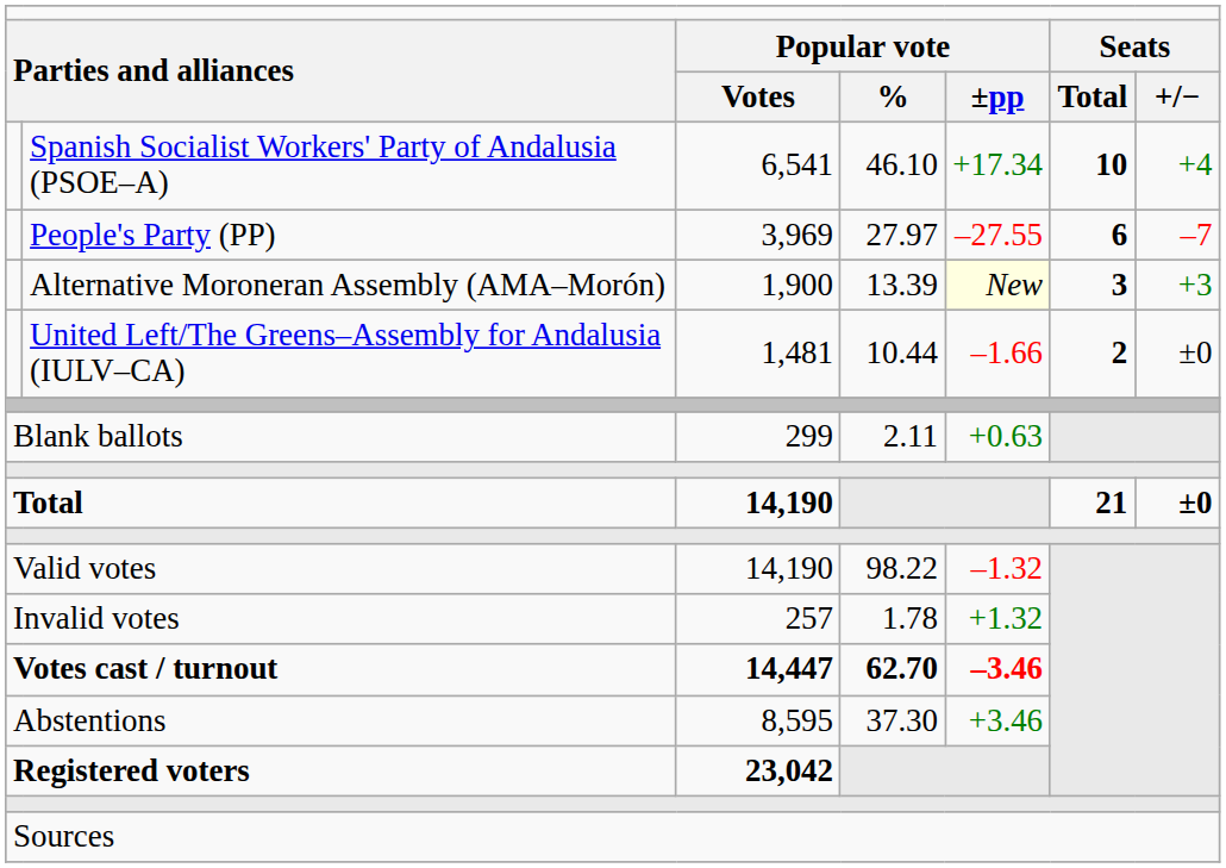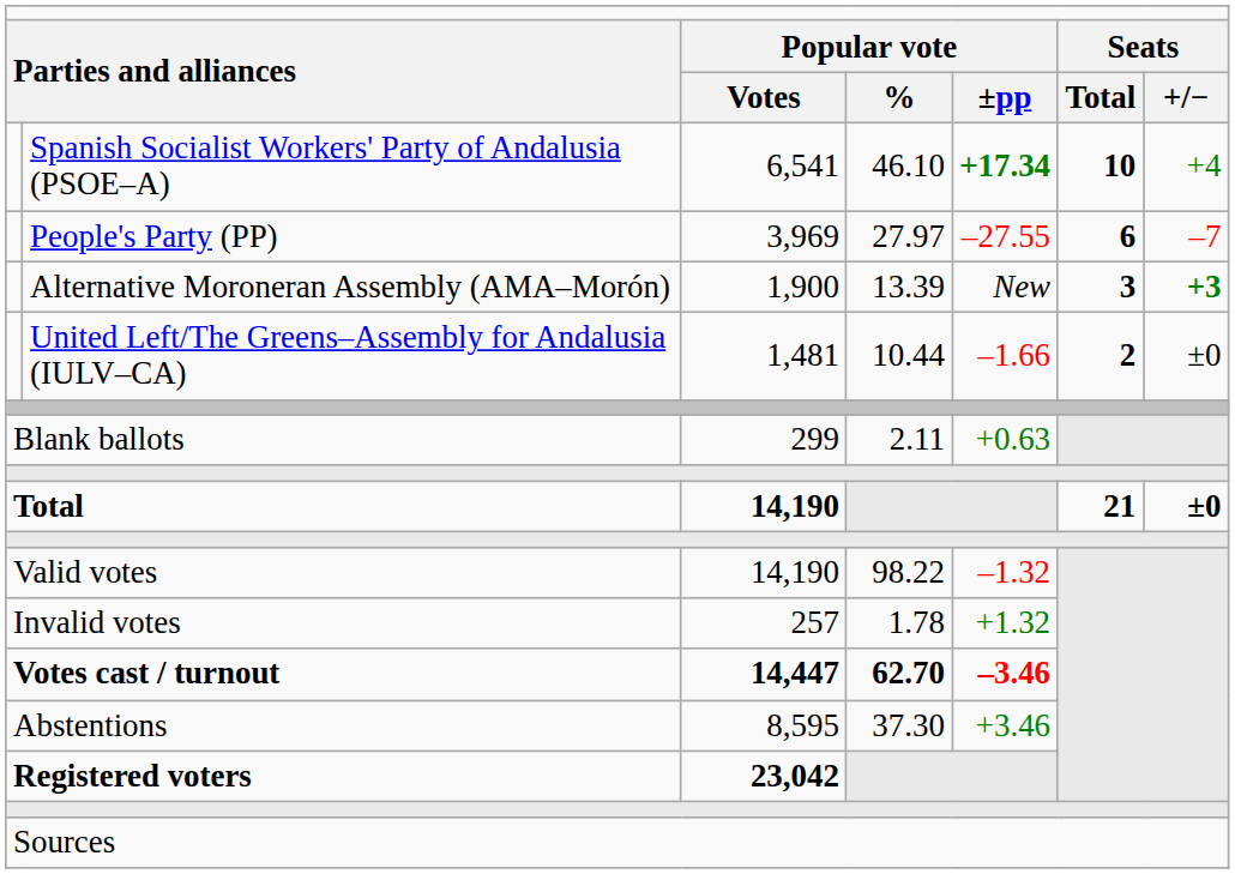 <table class="wikitable" style="text-align:right;">
 <tr>
 <td colspan="7"></td>
 </tr>
 <tr>
 <th style="text-align:left;" rowspan="2" colspan="2" width="525">Parties and alliances</th>
 <th colspan="3">Popular vote</th>
 <th colspan="2">Seats</th>
 </tr>
 <tr>
 <th width="75">Votes</th>
 <th width="45">%</th>
 <th width="45">±<a href='#'>pp</a></th>
 <th width="35">Total</th>
 <th width="35">+/−</th>
 </tr>
 <tr>
 <td width="1" style="color:inherit;background:"></td>
 <td align="left"><a href='#'>Spanish Socialist Workers' Party of Andalusia</a> (PSOE–A)</td>
 <td>6,541</td>
 <td>46.10</td>
-<td style="color:green;">+17.34</td>
+<td style="color:green;"><strong>+17.34</strong></td>
 <td><strong>10</strong></td>
 <td style="color:green;">+4</td>
 </tr>
 <tr>
 <td style="color:inherit;background:"></td>
 <td align="left"><a href='#'>People's Party</a> (PP)</td>
 <td>3,969</td>
 <td>27.97</td>
 <td style="color:red;">–27.55</td>
 <td><strong>6</strong></td>
 <td style="color:red;">–7</td>
 </tr>
 <tr>
 <td style="color:inherit;background:"></td>
 <td align="left">Alternative Moroneran Assembly (AMA–Morón)</td>
 <td>1,900</td>
 <td>13.39</td>
-<td style="background: lightyellow;"><em>New</em></td>
+<td><em>New</em></td>
 <td><strong>3</strong></td>
-<td style="color:green;">+3</td>
+<td style="color:green;"><strong>+3</strong></td>
 </tr>
 <tr>
 <td style="color:inherit;background:"></td>
 <td align="left"><a href='#'>United Left/The Greens–Assembly for Andalusia</a> (IULV–CA)</td>
 <td>1,481</td>
 <td>10.44</td>
 <td style="color:red;">–1.66</td>
 <td><strong>2</strong></td>
 <td>±0</td>
 </tr>
 <tr>
 <td colspan="7" bgcolor="#C0C0C0"></td>
 </tr>
 <tr>
 <td align="left" colspan="2">Blank ballots</td>
 <td>299</td>
 <td>2.11</td>
 <td style="color:green;">+0.63</td>
 <td bgcolor="#E9E9E9" colspan="2"></td>
 </tr>
 <tr>
 <td colspan="7" bgcolor="#E9E9E9"></td>
 </tr>
 <tr style="font-weight:bold;">
 <td align="left" colspan="2">Total</td>
 <td>14,190</td>
 <td bgcolor="#E9E9E9" colspan="2"></td>
 <td>21</td>
 <td>±0</td>
 </tr>
 <tr>
 <td colspan="7" bgcolor="#E9E9E9"></td>
 </tr>
 <tr>
 <td align="left" colspan="2">Valid votes</td>
 <td>14,190</td>
 <td>98.22</td>
 <td style="color:red;">–1.32</td>
 <td bgcolor="#E9E9E9" colspan="2" rowspan="5"></td>
 </tr>
 <tr>
 <td align="left" colspan="2">Invalid votes</td>
 <td>257</td>
 <td>1.78</td>
 <td style="color:green;">+1.32</td>
 </tr>
 <tr style="font-weight:bold;">
 <td align="left" colspan="2">Votes cast / turnout</td>
 <td>14,447</td>
 <td>62.70</td>
 <td style="color:red;">–3.46</td>
 </tr>
 <tr>
 <td align="left" colspan="2">Abstentions</td>
 <td>8,595</td>
 <td>37.30</td>
 <td style="color:green;">+3.46</td>
 </tr>
 <tr style="font-weight:bold;">
 <td align="left" colspan="2">Registered voters</td>
 <td>23,042</td>
 <td bgcolor="#E9E9E9" colspan="2"></td>
 </tr>
 <tr>
 <td colspan="7" bgcolor="#E9E9E9"></td>
 </tr>
 <tr>
 <td align="left" colspan="7">Sources</td>
 </tr>
 </table>
